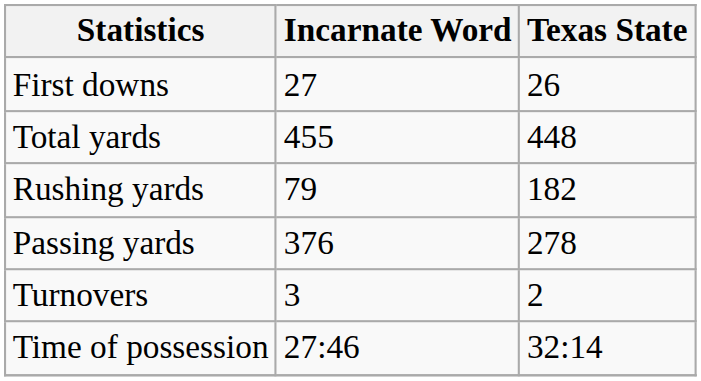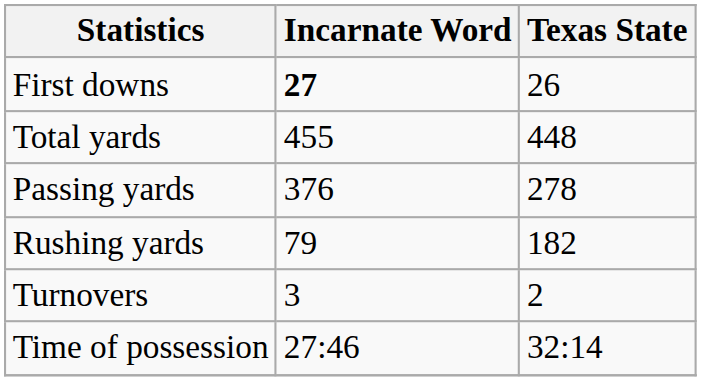 <table class="wikitable">
 <tr>
 <th>Statistics</th>
 <th>Incarnate Word</th>
 <th>Texas State</th>
 </tr>
 <tr>
 <td>First downs</td>
-<td>27</td>
+<td><strong>27</strong></td>
 <td>26</td>
 </tr>
 <tr>
 <td>Total yards</td>
 <td>455</td>
 <td>448</td>
 </tr>
 <tr>
+<td>Passing yards</td>
+<td>376</td>
+<td>278</td>
+</tr>
+<tr>
 <td>Rushing yards</td>
 <td>79</td>
 <td>182</td>
-</tr>
-<tr>
-<td>Passing yards</td>
-<td>376</td>
-<td>278</td>
 </tr>
 <tr>
 <td>Turnovers</td>
 <td>3</td>
 <td>2</td>
 </tr>
 <tr>
 <td>Time of possession</td>
 <td>27:46</td>
 <td>32:14</td>
 </tr>
 <tr>
 </tr>
 </table>
